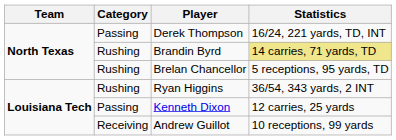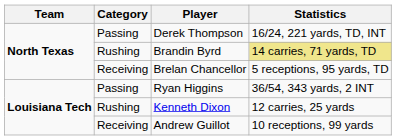 <table class="wikitable" style="float: right;">
 <tr>
 <th>Team</th>
 <th>Category</th>
 <th>Player</th>
 <th>Statistics</th>
 </tr>
 <tr>
 <td rowspan=3><strong>North Texas</strong></td>
 <td>Passing</td>
 <td>Derek Thompson</td>
 <td>16/24, 221 yards, TD, INT</td>
 </tr>
 <tr>
 <td>Rushing</td>
 <td>Brandin Byrd</td>
 <td style="background: khaki;">14 carries, 71 yards, TD</td>
 </tr>
 <tr>
-<td>Rushing</td>
+<td>Receiving</td>
 <td>Brelan Chancellor</td>
 <td>5 receptions, 95 yards, TD</td>
 </tr>
 <tr>
 <td rowspan=3><strong>Louisiana Tech</strong></td>
-<td>Rushing</td>
+<td>Passing</td>
 <td>Ryan Higgins</td>
 <td>36/54, 343 yards, 2 INT</td>
 </tr>
 <tr>
-<td>Passing</td>
+<td>Rushing</td>
 <td><a href='#'>Kenneth Dixon</a></td>
 <td>12 carries, 25 yards</td>
 </tr>
 <tr>
 <td>Receiving</td>
 <td>Andrew Guillot</td>
 <td>10 receptions, 99 yards</td>
 </tr>
 </table>
